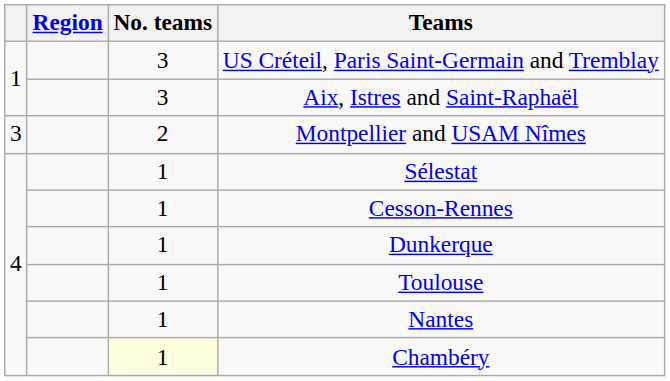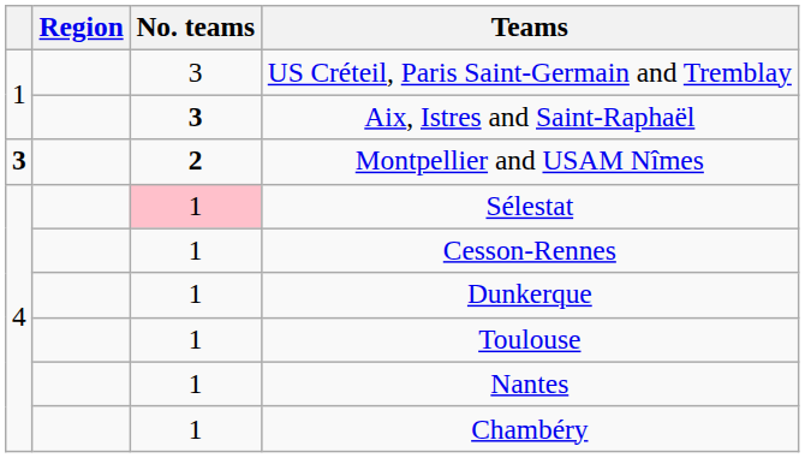 <table class="wikitable">
 <tr>
 <th></th>
 <th><a href='#'>Region</a></th>
 <th>No. teams</th>
 <th>Teams</th>
 </tr>
 <tr>
 <td rowspan=2>1</td>
 <td></td>
 <td align=center>3</td>
 <td align=center><a href='#'>US Créteil</a>, <a href='#'>Paris Saint-Germain</a> and <a href='#'>Tremblay</a></td>
 </tr>
 <tr>
 <td></td>
-<td align=center>3</td>
+<td align=center><strong>3</strong></td>
 <td align=center><a href='#'>Aix</a>, <a href='#'>Istres</a> and <a href='#'>Saint-Raphaël</a></td>
 </tr>
 <tr>
-<td rowspan=1>3</td>
+<td rowspan=1><strong>3</strong></td>
 <td></td>
-<td align=center>2</td>
+<td align=center><strong>2</strong></td>
 <td align=center><a href='#'>Montpellier</a> and <a href='#'>USAM Nîmes</a></td>
 </tr>
 <tr>
 <td rowspan=7>4</td>
 <td></td>
-<td align=center>1</td>
+<td align=center style="background: pink;">1</td>
 <td align=center><a href='#'>Sélestat</a></td>
 </tr>
 <tr>
 <td></td>
 <td align=center>1</td>
 <td align=center><a href='#'>Cesson-Rennes</a></td>
 </tr>
 <tr>
 <td></td>
 <td align=center>1</td>
 <td align=center><a href='#'>Dunkerque</a></td>
 </tr>
 <tr>
 <td></td>
 <td align=center>1</td>
 <td align=center><a href='#'>Toulouse</a></td>
 </tr>
 <tr>
 <td></td>
 <td align=center>1</td>
 <td align=center><a href='#'>Nantes</a></td>
 </tr>
 <tr>
 <td></td>
-<td align=center style="background: lightyellow;">1</td>
+<td align=center>1</td>
 <td align=center><a href='#'>Chambéry</a></td>
 </tr>
 </table>
